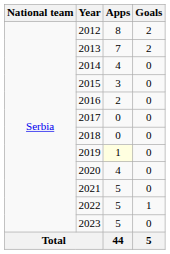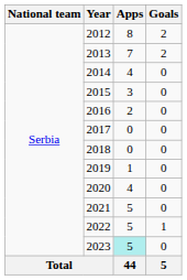 <table class="wikitable" style="text-align:center">
 <tr>
 <th>National team</th>
 <th>Year</th>
 <th>Apps</th>
 <th>Goals</th>
 </tr>
 <tr>
 <td rowspan="12"><a href='#'>Serbia</a></td>
 <td>2012</td>
 <td>8</td>
 <td>2</td>
 </tr>
 <tr>
 <td>2013</td>
 <td>7</td>
 <td>2</td>
 </tr>
 <tr>
 <td>2014</td>
 <td>4</td>
 <td>0</td>
 </tr>
 <tr>
 <td>2015</td>
 <td>3</td>
 <td>0</td>
 </tr>
 <tr>
 <td>2016</td>
 <td>2</td>
 <td>0</td>
 </tr>
 <tr>
 <td>2017</td>
 <td>0</td>
 <td>0</td>
 </tr>
 <tr>
 <td>2018</td>
 <td>0</td>
 <td>0</td>
 </tr>
 <tr>
 <td>2019</td>
-<td style="background: lightyellow;">1</td>
+<td>1</td>
 <td>0</td>
 </tr>
 <tr>
 <td>2020</td>
 <td>4</td>
 <td>0</td>
 </tr>
 <tr>
 <td>2021</td>
 <td>5</td>
 <td>0</td>
 </tr>
 <tr>
 <td>2022</td>
 <td>5</td>
 <td>1</td>
 </tr>
 <tr>
 <td>2023</td>
-<td>5</td>
+<td style="background: paleturquoise;">5</td>
 <td>0</td>
 </tr>
 <tr>
 <th colspan="2">Total</th>
 <th>44</th>
 <th>5</th>
 </tr>
 </table>
